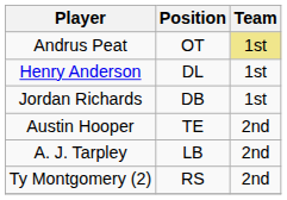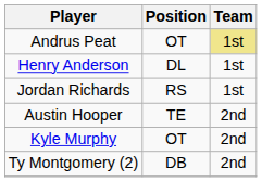 <table class="wikitable sortable sortable" style="text-align: center">
 <tr>
 <th>Player</th>
 <th>Position</th>
 <th>Team</th>
 </tr>
 <tr>
 <td>Andrus Peat</td>
 <td>OT</td>
 <td style="background: khaki;">1st</td>
 </tr>
 <tr>
 <td><a href='#'>Henry Anderson</a></td>
 <td>DL</td>
 <td>1st</td>
 </tr>
 <tr>
 <td>Jordan Richards</td>
-<td>DB</td>
+<td>RS</td>
 <td>1st</td>
 </tr>
 <tr>
 <td>Austin Hooper</td>
 <td>TE</td>
 <td>2nd</td>
 </tr>
 <tr>
-<td>A. J. Tarpley</td>
-<td>LB</td>
+<td><a href='#'>Kyle Murphy</a></td>
+<td>OT</td>
 <td>2nd</td>
 </tr>
 <tr>
 <td>Ty Montgomery (2)</td>
-<td>RS</td>
+<td>DB</td>
 <td>2nd</td>
 </tr>
 <tr>
 </tr>
 </table>
